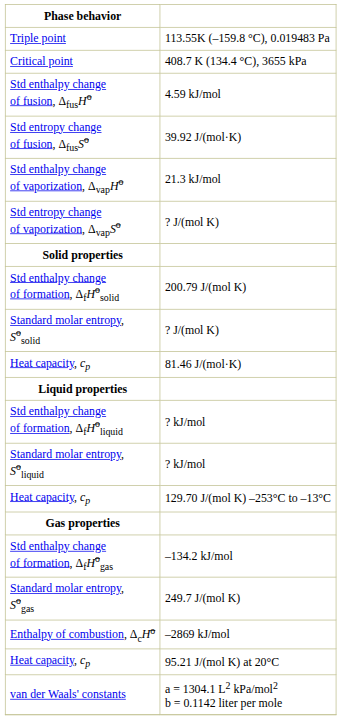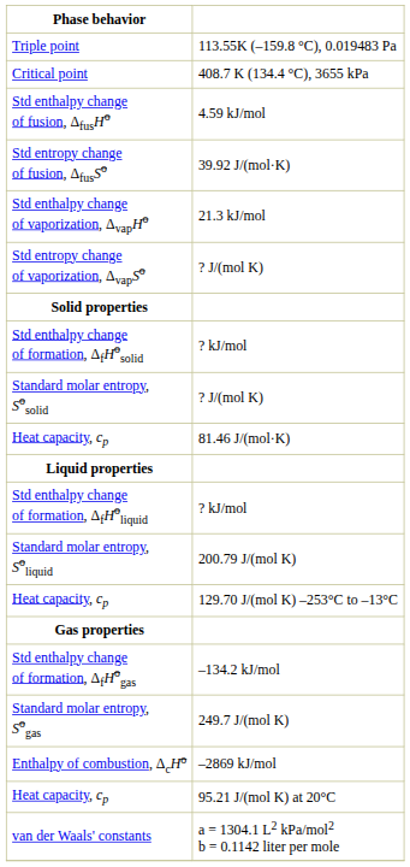 <table border="1" cellspacing="0" cellpadding="6" style="margin: 0 0 0 0.5em; background: #FFFFFF; border-collapse: collapse; border-color: #C0C090;">
 <tr>
 <th>Phase behavior</th>
 </tr>
 <tr>
 <td><a href='#'>Triple point</a></td>
 <td>113.55K (–159.8 °C), 0.019483 Pa</td>
 </tr>
 <tr>
 <td><a href='#'>Critical point</a></td>
 <td>408.7 K (134.4 °C), 3655 kPa</td>
 </tr>
 <tr>
 <td><a href='#'>Std enthalpy change<br>of fusion</a>, Δ<sub>fus</sub><em>H</em><sup><s>o</s></sup></td>
 <td>4.59 kJ/mol</td>
 </tr>
 <tr>
 <td><a href='#'>Std entropy change<br>of fusion</a>, Δ<sub>fus</sub><em>S</em><sup><s>o</s></sup></td>
 <td>39.92 J/(mol·K)</td>
 </tr>
 <tr>
 <td><a href='#'>Std enthalpy change<br>of vaporization</a>, Δ<sub>vap</sub><em>H</em><sup><s>o</s></sup></td>
 <td>21.3 kJ/mol</td>
 </tr>
 <tr>
 <td><a href='#'>Std entropy change<br>of vaporization</a>, Δ<sub>vap</sub><em>S</em><sup><s>o</s></sup></td>
 <td>? J/(mol K)</td>
 </tr>
 <tr>
 <th>Solid properties</th>
 </tr>
 <tr>
 <td><a href='#'>Std enthalpy change<br>of formation</a>, Δ<sub>f</sub><em>H</em><sup><s>o</s></sup><sub>solid</sub></td>
-<td>200.79 J/(mol K)</td>
+<td>? kJ/mol</td>
 </tr>
 <tr>
 <td><a href='#'>Standard molar entropy</a>,<br><em>S</em><sup><s>o</s></sup><sub>solid</sub></td>
 <td>? J/(mol K)</td>
 </tr>
 <tr>
 <td><a href='#'>Heat capacity</a>, <em>c<sub>p</sub></em></td>
 <td>81.46 J/(mol·K)</td>
 </tr>
 <tr>
 <th>Liquid properties</th>
 </tr>
 <tr>
 <td><a href='#'>Std enthalpy change<br>of formation</a>, Δ<sub>f</sub><em>H</em><sup><s>o</s></sup><sub>liquid</sub></td>
 <td>? kJ/mol</td>
 </tr>
 <tr>
 <td><a href='#'>Standard molar entropy</a>,<br><em>S</em><sup><s>o</s></sup><sub>liquid</sub></td>
-<td>? kJ/mol</td>
+<td>200.79 J/(mol K)</td>
 </tr>
 <tr>
 <td><a href='#'>Heat capacity</a>, <em>c<sub>p</sub></em></td>
 <td>129.70 J/(mol K) –253°C to –13°C</td>
 </tr>
 <tr>
 <th>Gas properties</th>
 </tr>
 <tr>
 <td><a href='#'>Std enthalpy change<br>of formation</a>, Δ<sub>f</sub><em>H</em><sup><s>o</s></sup><sub>gas</sub></td>
 <td>–134.2 kJ/mol</td>
 </tr>
 <tr>
 <td><a href='#'>Standard molar entropy</a>,<br><em>S</em><sup><s>o</s></sup><sub>gas</sub></td>
 <td>249.7 J/(mol K)</td>
 </tr>
 <tr>
 <td><a href='#'>Enthalpy of combustion</a>, Δ<sub>c</sub><em>H</em><sup><s>o</s></sup></td>
 <td>–2869 kJ/mol</td>
 </tr>
 <tr>
 <td><a href='#'>Heat capacity</a>, <em>c<sub>p</sub></em></td>
 <td>95.21 J/(mol K) at 20°C</td>
 </tr>
 <tr>
 <td><a href='#'>van der Waals' constants</a></td>
 <td>a = 1304.1 L<sup>2</sup> kPa/mol<sup>2</sup><br> b = 0.1142 liter per mole</td>
 </tr>
 <tr>
 </tr>
 </table>
